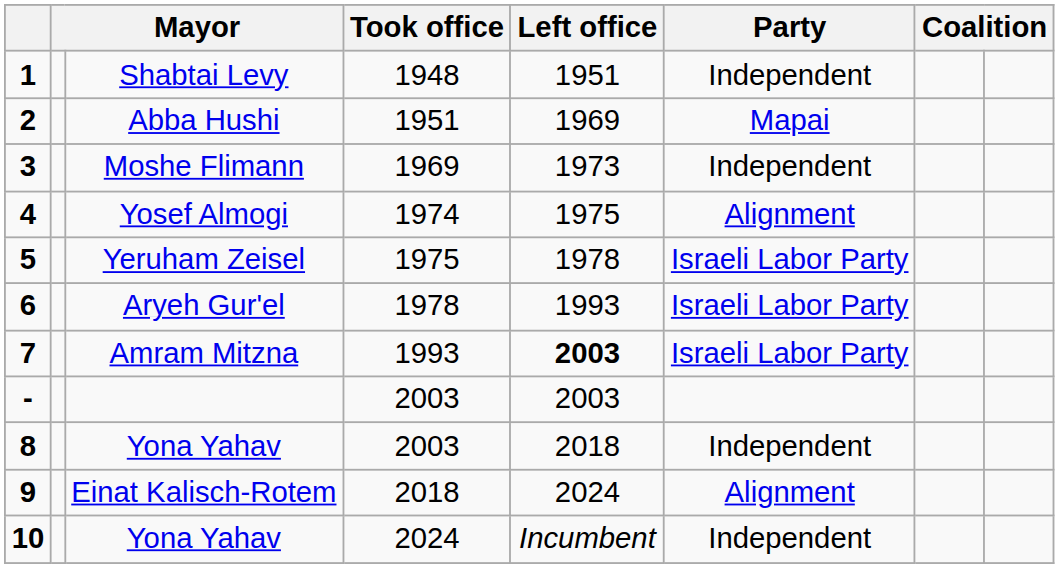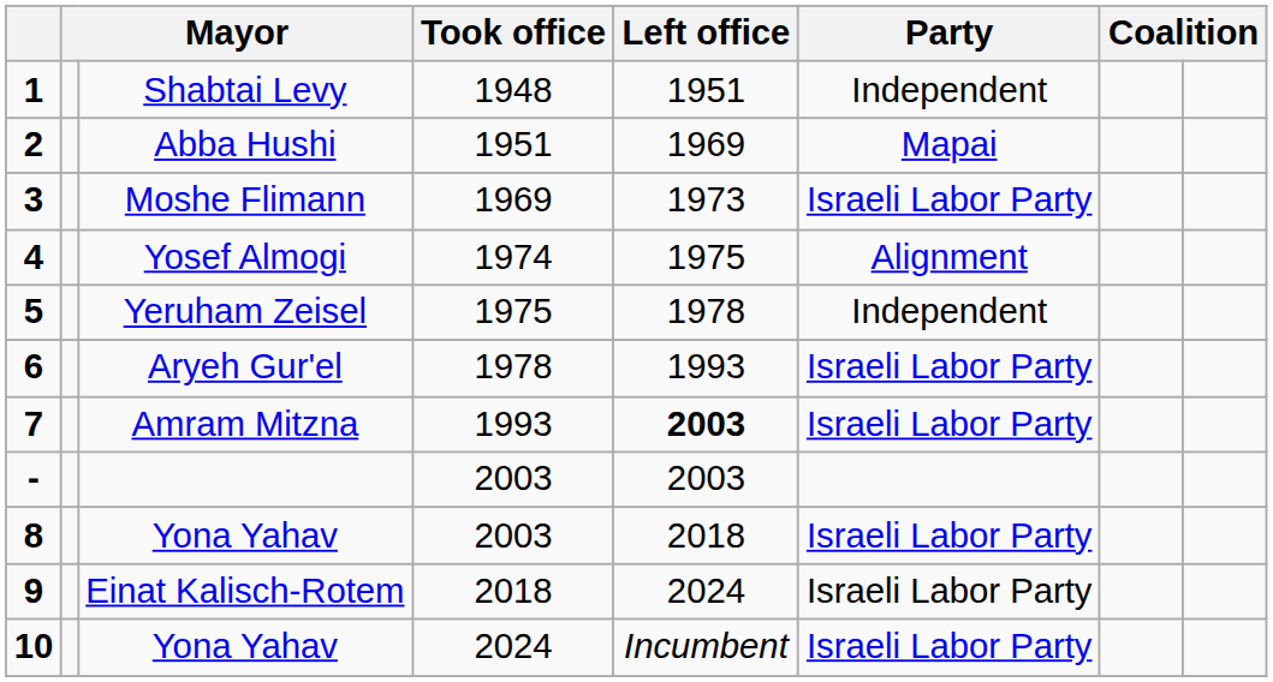 <table class="wikitable" style="text-align: center;">
 <tr>
 <th><br></th>
 <th colspan="2">Mayor</th>
 <th>Took office</th>
 <th>Left office</th>
 <th>Party</th>
 <th colspan="2">Coalition</th>
 </tr>
 <tr>
 <td rowspan="1" style="background: "><strong>1</strong></td>
 <td rowspan="1"></td>
 <td rowspan="1"><a href='#'>Shabtai Levy</a></td>
 <td rowspan="1">1948</td>
 <td rowspan="1">1951</td>
 <td rowspan="1">Independent</td>
 <td style="background: "></td>
 <td></td>
 </tr>
 <tr>
 <td rowspan="1" style="background: "><strong>2</strong></td>
 <td rowspan="1"></td>
 <td rowspan="1"><a href='#'>Abba Hushi</a></td>
 <td rowspan="1">1951</td>
 <td rowspan="1">1969</td>
 <td rowspan="1"><a href='#'>Mapai</a></td>
 <td style="background: "></td>
 <td></td>
 </tr>
 <tr>
 <td rowspan="1" style="background: "><strong>3</strong></td>
 <td rowspan="1"></td>
 <td rowspan="1"><a href='#'>Moshe Flimann</a></td>
 <td rowspan="1">1969</td>
 <td rowspan="1">1973</td>
-<td rowspan="1">Independent</td>
+<td rowspan="1"><a href='#'>Israeli Labor Party</a></td>
 <td style="background: "></td>
 <td></td>
 </tr>
 <tr>
 <td rowspan="1" style="background: "><strong>4</strong></td>
 <td rowspan="1"></td>
 <td rowspan="1"><a href='#'>Yosef Almogi</a></td>
 <td rowspan="1">1974</td>
 <td rowspan="1">1975</td>
 <td rowspan="1"><a href='#'>Alignment</a></td>
 <td style="background: "></td>
 <td></td>
 </tr>
 <tr>
 <td rowspan="1" style="background: "><strong>5</strong></td>
 <td rowspan="1"></td>
 <td rowspan="1"><a href='#'>Yeruham Zeisel</a></td>
 <td rowspan="1">1975</td>
 <td rowspan="1">1978</td>
-<td rowspan="1"><a href='#'>Israeli Labor Party</a></td>
+<td rowspan="1">Independent</td>
 <td style="background: "></td>
 <td></td>
 </tr>
 <tr>
 <td rowspan="1" style="background: "><strong>6</strong></td>
 <td rowspan="1"></td>
 <td rowspan="1"><a href='#'>Aryeh Gur'el</a></td>
 <td rowspan="1">1978</td>
 <td rowspan="1">1993</td>
 <td rowspan="1"><a href='#'>Israeli Labor Party</a></td>
 <td style="background: "></td>
 <td></td>
 </tr>
 <tr>
 <td rowspan="1" style="background: "><strong>7</strong></td>
 <td rowspan="1"></td>
 <td rowspan="1"><a href='#'>Amram Mitzna</a></td>
 <td rowspan="1">1993</td>
 <td rowspan="1"><strong>2003</strong></td>
 <td rowspan="1"><a href='#'>Israeli Labor Party</a></td>
 <td style="background: "></td>
 <td></td>
 </tr>
 <tr>
 <td rowspan="1" style="background: "><strong>-</strong></td>
 <td rowspan="1"></td>
 <td rowspan="1"></td>
 <td rowspan="1">2003</td>
 <td rowspan="1">2003</td>
 <td rowspan="1"></td>
 <td style="background: "></td>
 <td></td>
 </tr>
 <tr>
 <td rowspan="1" style="background: "><strong>8</strong></td>
 <td rowspan="1"></td>
 <td rowspan="1"><a href='#'>Yona Yahav</a></td>
 <td rowspan="1">2003</td>
 <td rowspan="1">2018</td>
-<td rowspan="1">Independent</td>
+<td rowspan="1"><a href='#'>Israeli Labor Party</a></td>
 <td style="background: "></td>
 <td></td>
 </tr>
 <tr>
 <td rowspan="1" style="background: "><strong>9</strong></td>
 <td rowspan="1"></td>
 <td rowspan="1"><a href='#'>Einat Kalisch-Rotem</a></td>
 <td rowspan="1">2018</td>
 <td rowspan="1">2024</td>
-<td rowspan="1"><a href='#'>Alignment</a></td>
+<td rowspan="1">Israeli Labor Party</td>
 <td style="background: "></td>
 <td></td>
 </tr>
 <tr>
 <td rowspan="1" style="background: "><strong>10</strong></td>
 <td rowspan="1"></td>
 <td rowspan="1"><a href='#'>Yona Yahav</a></td>
 <td rowspan="1">2024</td>
 <td rowspan="1"><em>Incumbent</em></td>
-<td rowspan="1">Independent</td>
+<td rowspan="1"><a href='#'>Israeli Labor Party</a></td>
 <td style="background: "></td>
 <td></td>
 </tr>
 </table>
